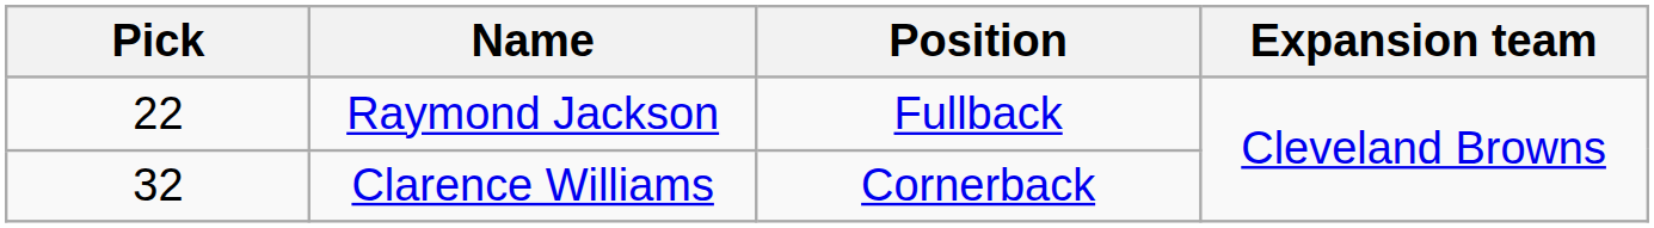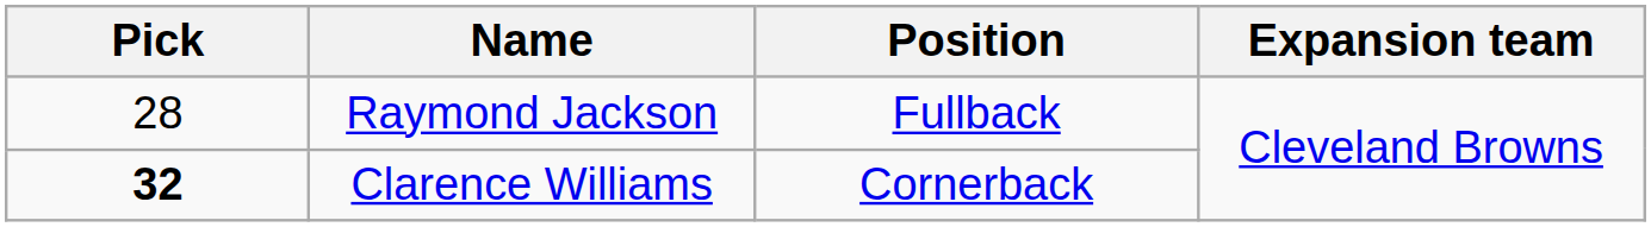 <table class="wikitable" style="text-align:center">
 <tr>
 <th width=100px>Pick</th>
 <th width=150px>Name</th>
 <th width=150px>Position</th>
 <th width=150px>Expansion team</th>
 </tr>
 <tr>
-<td>22</td>
+<td>28</td>
 <td><a href='#'>Raymond Jackson</a></td>
 <td><a href='#'>Fullback</a></td>
 <td rowspan="2"><a href='#'>Cleveland Browns</a></td>
 </tr>
 <tr>
-<td>32</td>
+<td><strong>32</strong></td>
 <td><a href='#'>Clarence Williams</a></td>
 <td><a href='#'>Cornerback</a></td>
 </tr>
 </table>
